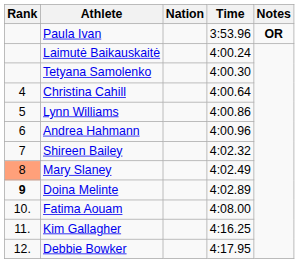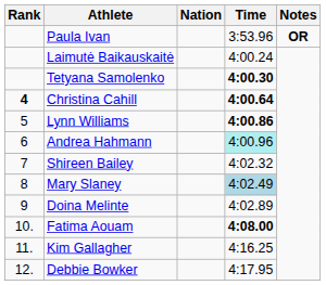 <table class="wikitable sortable" style="text-align:center">
 <tr>
 <th>Rank</th>
 <th>Athlete</th>
 <th>Nation</th>
 <th>Time</th>
 <th>Notes</th>
 </tr>
 <tr>
 <td></td>
 <td align=left><a href='#'>Paula Ivan</a></td>
 <td align=left></td>
 <td>3:53.96</td>
 <td><strong>OR</strong></td>
 </tr>
 <tr>
 <td></td>
 <td align=left><a href='#'>Laimutė Baikauskaitė</a></td>
 <td align=left></td>
 <td>4:00.24</td>
 </tr>
 <tr>
 <td></td>
 <td align=left><a href='#'>Tetyana Samolenko</a></td>
 <td align=left></td>
-<td>4:00.30</td>
+<td><strong>4:00.30</strong></td>
 </tr>
 <tr>
-<td>4</td>
+<td><strong>4</strong></td>
 <td align=left><a href='#'>Christina Cahill</a></td>
 <td align=left></td>
-<td>4:00.64</td>
+<td><strong>4:00.64</strong></td>
 </tr>
 <tr>
 <td>5</td>
 <td align=left><a href='#'>Lynn Williams</a></td>
 <td align=left></td>
-<td>4:00.86</td>
+<td><strong>4:00.86</strong></td>
 </tr>
 <tr>
 <td>6</td>
 <td align=left><a href='#'>Andrea Hahmann</a></td>
 <td align=left></td>
-<td>4:00.96</td>
+<td style="background: paleturquoise;">4:00.96</td>
 </tr>
 <tr>
 <td>7</td>
 <td align=left><a href='#'>Shireen Bailey</a></td>
 <td align=left></td>
 <td>4:02.32</td>
 </tr>
 <tr>
-<td style="background: lightsalmon;">8</td>
+<td>8</td>
 <td align=left><a href='#'>Mary Slaney</a></td>
 <td align=left></td>
-<td>4:02.49</td>
+<td style="background: lightblue;">4:02.49</td>
 </tr>
 <tr>
-<td><strong>9</strong></td>
+<td>9</td>
 <td align=left><a href='#'>Doina Melinte</a></td>
 <td align=left></td>
 <td>4:02.89</td>
 </tr>
 <tr>
 <td>10.</td>
 <td align=left><a href='#'>Fatima Aouam</a></td>
 <td align=left></td>
-<td>4:08.00</td>
+<td><strong>4:08.00</strong></td>
 </tr>
 <tr>
 <td>11.</td>
 <td align=left><a href='#'>Kim Gallagher</a></td>
 <td align=left></td>
 <td>4:16.25</td>
 </tr>
 <tr>
 <td>12.</td>
 <td align=left><a href='#'>Debbie Bowker</a></td>
 <td align=left></td>
 <td>4:17.95</td>
 </tr>
 </table>
